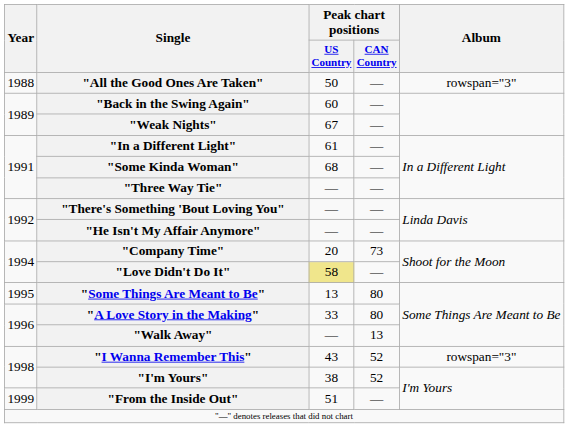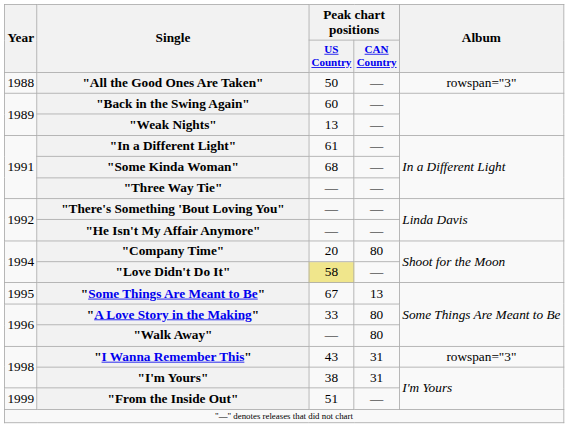 <table class="wikitable plainrowheaders" style="text-align:center;">
 <tr>
 <th rowspan="2">Year</th>
 <th rowspan="2" style="width:20em;">Single</th>
 <th colspan="2">Peak chart<br>positions</th>
 <th rowspan="2">Album</th>
 </tr>
 <tr style="font-size:smaller;">
 <th width="45"><a href='#'>US Country</a><br></th>
 <th width="45"><a href='#'>CAN Country</a></th>
 </tr>
 <tr>
 <td>1988</td>
 <th scope="row">"All the Good Ones Are Taken"</th>
 <td>50</td>
 <td>—</td>
 <td>rowspan="3" </td>
 </tr>
 <tr>
 <td rowspan="2">1989</td>
 <th scope="row">"Back in the Swing Again"</th>
 <td>60</td>
 <td>—</td>
 </tr>
 <tr>
 <th scope="row">"Weak Nights"</th>
-<td>67</td>
+<td>13</td>
 <td>—</td>
 </tr>
 <tr>
 <td rowspan="3">1991</td>
 <th scope="row">"In a Different Light"</th>
 <td>61</td>
 <td>—</td>
 <td align="left" rowspan="3"><em>In a Different Light</em></td>
 </tr>
 <tr>
 <th scope="row">"Some Kinda Woman"</th>
 <td>68</td>
 <td>—</td>
 </tr>
 <tr>
 <th scope="row">"Three Way Tie"</th>
 <td>—</td>
 <td>—</td>
 </tr>
 <tr>
 <td rowspan="2">1992</td>
 <th scope="row">"There's Something 'Bout Loving You"</th>
 <td>—</td>
 <td>—</td>
 <td align="left" rowspan="2"><em>Linda Davis</em></td>
 </tr>
 <tr>
 <th scope="row">"He Isn't My Affair Anymore"</th>
 <td>—</td>
 <td>—</td>
 </tr>
 <tr>
 <td rowspan="2">1994</td>
 <th scope="row">"Company Time"</th>
 <td>20</td>
-<td>73</td>
+<td>80</td>
 <td align="left" rowspan="2"><em>Shoot for the Moon</em></td>
 </tr>
 <tr>
 <th scope="row">"Love Didn't Do It"</th>
 <td style="background: khaki;">58</td>
 <td>—</td>
 </tr>
 <tr>
 <td>1995</td>
 <th scope="row">"<a href='#'>Some Things Are Meant to Be</a>"</th>
+<td>67</td>
 <td>13</td>
-<td>80</td>
 <td align="left" rowspan="3"><em>Some Things Are Meant to Be</em></td>
 </tr>
 <tr>
 <td rowspan="2">1996</td>
 <th scope="row">"<a href='#'>A Love Story in the Making</a>"</th>
 <td>33</td>
 <td>80</td>
 </tr>
 <tr>
 <th scope="row">"Walk Away"</th>
 <td>—</td>
-<td>13</td>
+<td>80</td>
 </tr>
 <tr>
 <td rowspan="2">1998</td>
 <th scope="row">"<a href='#'>I Wanna Remember This</a>"</th>
 <td>43</td>
-<td>52</td>
+<td>31</td>
 <td>rowspan="3" </td>
 </tr>
 <tr>
 <th scope="row">"I'm Yours"</th>
 <td>38</td>
-<td>52</td>
+<td>31</td>
 <td align="left" rowspan="2"><em>I'm Yours</em></td>
 </tr>
 <tr>
 <td>1999</td>
 <th scope="row">"From the Inside Out"</th>
 <td>51</td>
 <td>—</td>
 </tr>
 <tr>
 <td colspan="5" style="font-size:8pt">"—" denotes releases that did not chart</td>
 </tr>
 </table>
